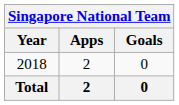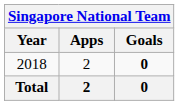 <table class="wikitable" style="text-align:center">
 <tr>
 <th colspan=3><a href='#'>Singapore National Team</a></th>
 </tr>
 <tr>
 <th>Year</th>
 <th>Apps</th>
 <th>Goals</th>
 </tr>
 <tr>
 <td>2018</td>
 <td>2</td>
-<td>0</td>
+<td><strong>0</strong></td>
 </tr>
 <tr>
 <th>Total</th>
 <th>2</th>
 <th>0</th>
 </tr>
 </table>
